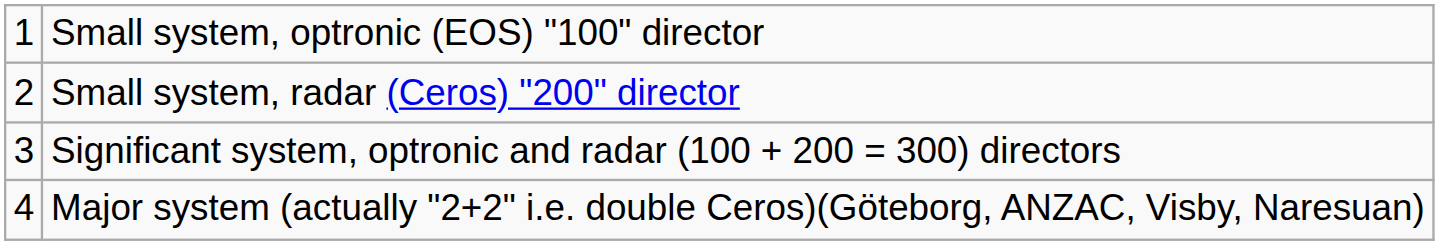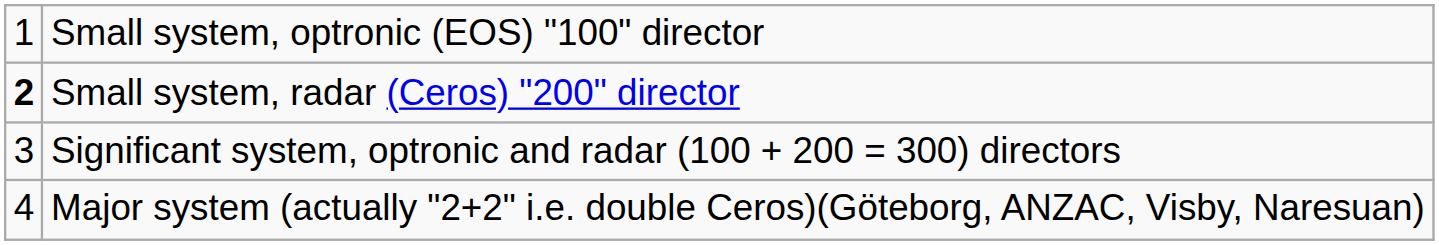 <table class="wikitable">
 <tr>
 <td>1</td>
 <td>Small system, optronic (EOS) "100" director</td>
 </tr>
 <tr>
-<td>2</td>
+<td><strong>2</strong></td>
 <td>Small system, radar <a href='#'>(Ceros) "200" director</a></td>
 </tr>
 <tr>
 <td>3</td>
 <td>Significant system, optronic and radar (100 + 200 = 300) directors</td>
 </tr>
 <tr>
 <td>4</td>
 <td>Major system (actually "2+2" i.e. double Ceros)(Göteborg, ANZAC, Visby, Naresuan)</td>
 </tr>
 </table>
